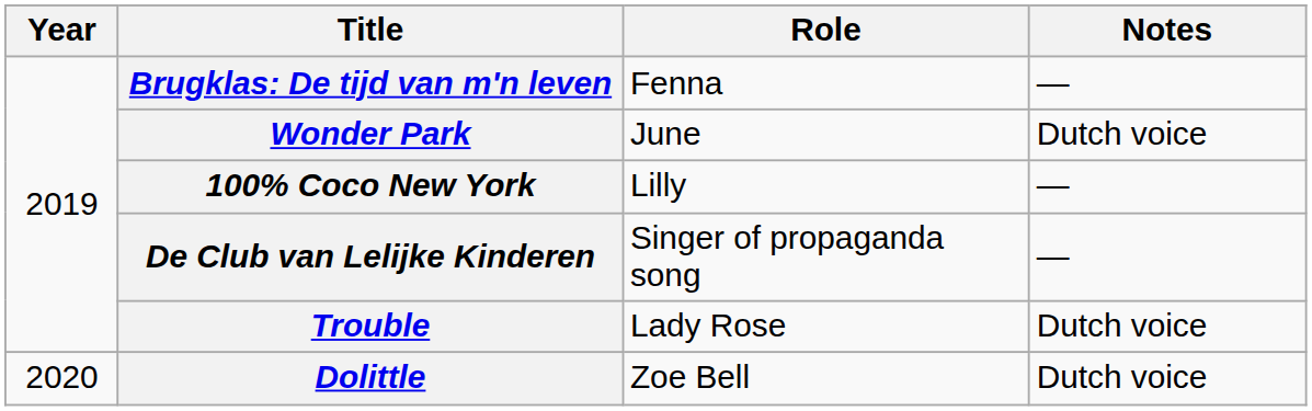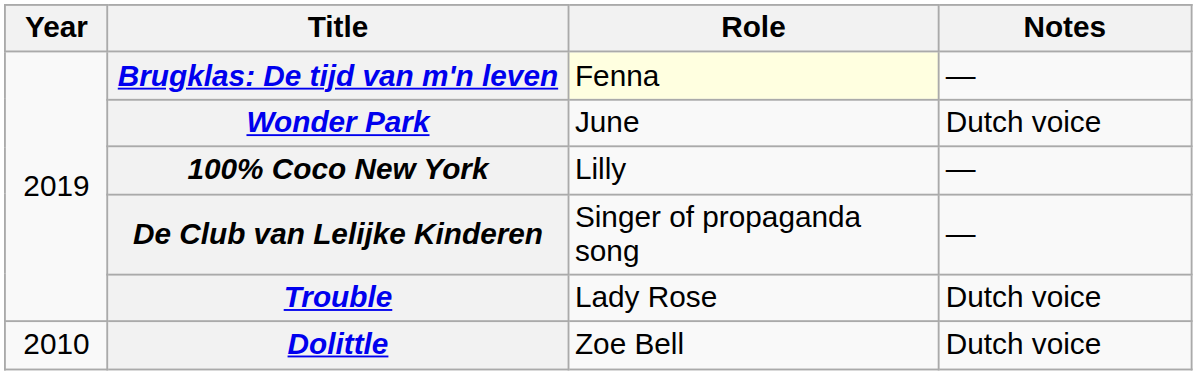 <table class="wikitable plainrowheaders sortable" style="margin-right: 0;">
 <tr>
 <th scope="col" style="width:3em; align:center;">Year</th>
 <th scope="col" style="width:15em;">Title</th>
 <th scope="col" style="width:12em;">Role</th>
 <th scope="col" style="width:8em;">Notes</th>
 </tr>
 <tr>
 <td rowspan="5" style="text-align:center;">2019</td>
 <th scope="row"><em><a href='#'>Brugklas: De tijd van m'n leven</a></em></th>
-<td>Fenna</td>
+<td style="background: lightyellow;">Fenna</td>
 <td>—</td>
 </tr>
 <tr>
 <th scope="row"><em><a href='#'>Wonder Park</a></em></th>
 <td>June</td>
 <td>Dutch voice</td>
 </tr>
 <tr>
 <th scope="row"><em>100% Coco New York</em></th>
 <td>Lilly</td>
 <td>—</td>
 </tr>
 <tr>
 <th scope="row"><em>De Club van Lelijke Kinderen</em></th>
 <td>Singer of propaganda song</td>
 <td>—</td>
 </tr>
 <tr>
 <th scope="row"><em><a href='#'>Trouble</a></em></th>
 <td>Lady Rose</td>
 <td>Dutch voice</td>
 </tr>
 <tr>
-<td style="text-align:center;">2020</td>
+<td style="text-align:center;">2010</td>
 <th scope="row"><em><a href='#'>Dolittle</a></em></th>
 <td>Zoe Bell</td>
 <td>Dutch voice</td>
 </tr>
 </table>
